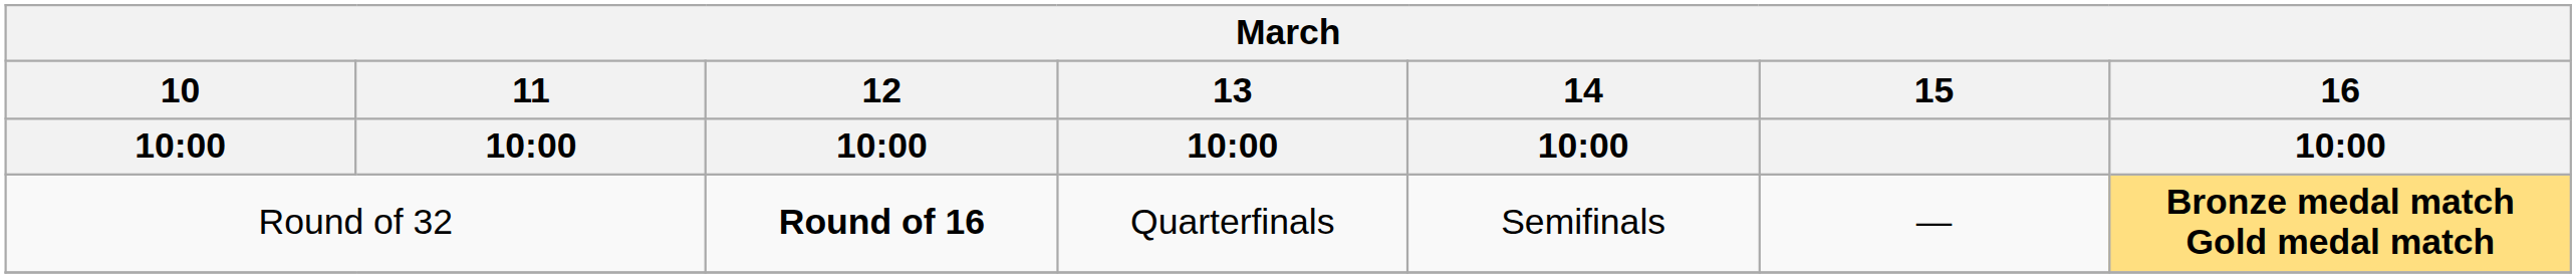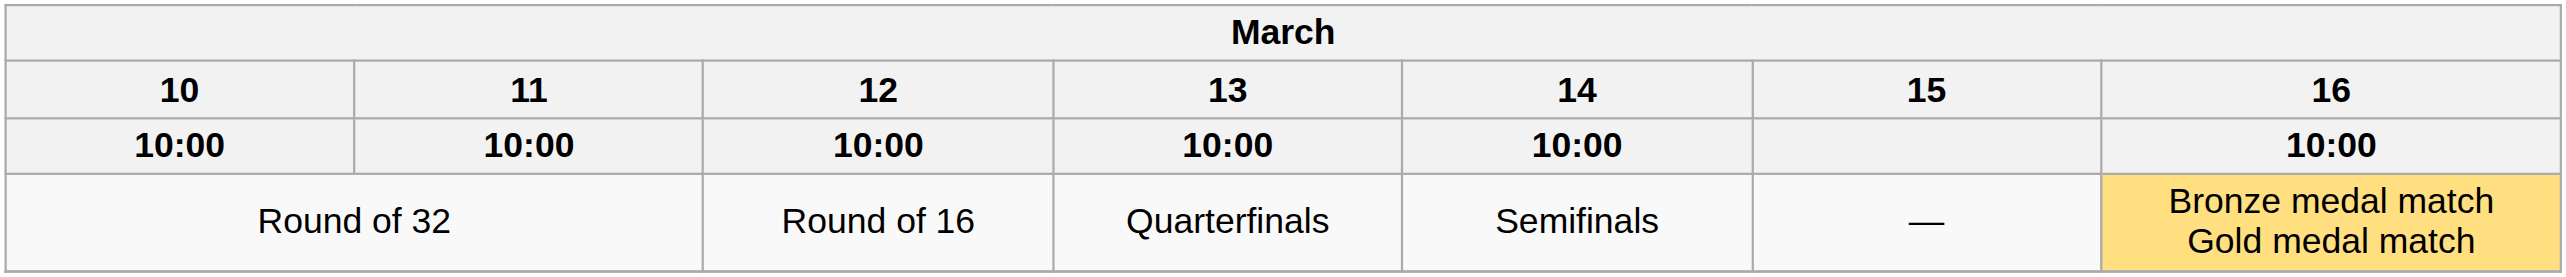 <table class="wikitable" style="margin: 1em auto; text-align:center;">
 <tr>
 <th colspan=7>March</th>
 </tr>
 <tr>
 <th width=150>10</th>
 <th width=150>11</th>
 <th width=150>12</th>
 <th width=150>13</th>
 <th width=150>14</th>
 <th width=150>15</th>
 <th width=200>16</th>
 </tr>
 <tr>
 <th>10:00</th>
 <th>10:00</th>
 <th>10:00</th>
 <th>10:00</th>
 <th>10:00</th>
 <th></th>
 <th>10:00</th>
 </tr>
 <tr>
 <td colspan="2">Round of 32</td>
-<td><strong>Round of 16</strong></td>
+<td>Round of 16</td>
 <td>Quarterfinals</td>
 <td>Semifinals</td>
 <td>—</td>
-<td style="background:#ffdf80;"><strong>Bronze medal match<br>Gold medal match</strong></td>
+<td style="background:#ffdf80;">Bronze medal match<br>Gold medal match</td>
 </tr>
 <tr>
 </tr>
 </table>
